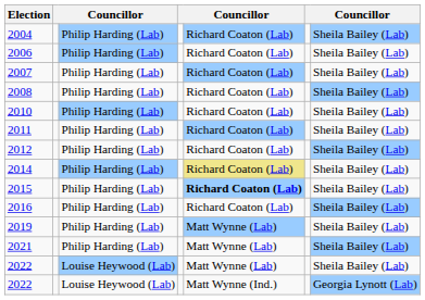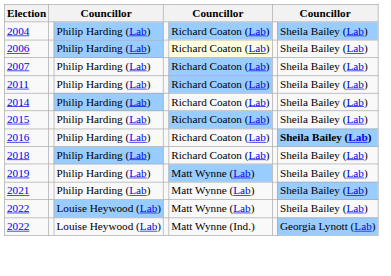 <table class="wikitable">
 <tr>
 <th>Election</th>
 <th colspan="2">Councillor</th>
 <th colspan="2">Councillor</th>
 <th colspan="2">Councillor</th>
 </tr>
 <tr>
 <td><a href='#'>2004</a></td>
 <td style="background-color: "></td>
 <td bgcolor="#99CCFF">Philip Harding (<a href='#'>Lab</a>)</td>
 <td style="background-color: "></td>
 <td bgcolor="#99CCFF">Richard Coaton (<a href='#'>Lab</a>)</td>
 <td style="background-color: "></td>
 <td bgcolor="#99CCFF">Sheila Bailey (<a href='#'>Lab</a>)</td>
 </tr>
 <tr>
 <td><a href='#'>2006</a></td>
 <td style="background-color: "></td>
 <td bgcolor="#99CCFF">Philip Harding (<a href='#'>Lab</a>)</td>
 <td style="background-color: "></td>
-<td>Richard Coaton (<a href='#'>Lab</a>)</td>
+<td style="background: lightyellow;">Richard Coaton (<a href='#'>Lab</a>)</td>
 <td style="background-color: "></td>
 <td>Sheila Bailey (<a href='#'>Lab</a>)</td>
 </tr>
 <tr>
 <td><a href='#'>2007</a></td>
 <td style="background-color: "></td>
 <td>Philip Harding (<a href='#'>Lab</a>)</td>
 <td style="background-color: "></td>
 <td bgcolor="#99CCFF">Richard Coaton (<a href='#'>Lab</a>)</td>
 <td style="background-color: "></td>
 <td>Sheila Bailey (<a href='#'>Lab</a>)</td>
 </tr>
 <tr>
-<td><a href='#'>2008</a></td>
-<td style="background-color: "></td>
-<td>Philip Harding (<a href='#'>Lab</a>)</td>
-<td style="background-color: "></td>
-<td>Richard Coaton (<a href='#'>Lab</a>)</td>
-<td style="background-color: "></td>
-<td bgcolor="#99CCFF">Sheila Bailey (<a href='#'>Lab</a>)</td>
-</tr>
-<tr>
-<td><a href='#'>2010</a></td>
-<td style="background-color: "></td>
-<td bgcolor="#99CCFF">Philip Harding (<a href='#'>Lab</a>)</td>
-<td style="background-color: "></td>
-<td>Richard Coaton (<a href='#'>Lab</a>)</td>
-<td style="background-color: "></td>
-<td>Sheila Bailey (<a href='#'>Lab</a>)</td>
-</tr>
-<tr>
 <td><a href='#'>2011</a></td>
 <td style="background-color: "></td>
 <td>Philip Harding (<a href='#'>Lab</a>)</td>
 <td style="background-color: "></td>
 <td bgcolor="#99CCFF">Richard Coaton (<a href='#'>Lab</a>)</td>
 <td style="background-color: "></td>
 <td>Sheila Bailey (<a href='#'>Lab</a>)</td>
 </tr>
 <tr>
-<td><a href='#'>2012</a></td>
-<td style="background-color: "></td>
-<td>Philip Harding (<a href='#'>Lab</a>)</td>
-<td style="background-color: "></td>
-<td>Richard Coaton (<a href='#'>Lab</a>)</td>
-<td style="background-color: "></td>
-<td bgcolor="#99CCFF">Sheila Bailey (<a href='#'>Lab</a>)</td>
-</tr>
-<tr>
 <td><a href='#'>2014</a></td>
 <td style="background-color: "></td>
 <td bgcolor="#99CCFF">Philip Harding (<a href='#'>Lab</a>)</td>
 <td style="background-color: "></td>
-<td style="background: khaki;">Richard Coaton (<a href='#'>Lab</a>)</td>
+<td>Richard Coaton (<a href='#'>Lab</a>)</td>
 <td style="background-color: "></td>
 <td>Sheila Bailey (<a href='#'>Lab</a>)</td>
 </tr>
 <tr>
 <td><a href='#'>2015</a></td>
 <td style="background-color: "></td>
 <td>Philip Harding (<a href='#'>Lab</a>)</td>
 <td style="background-color: "></td>
-<td bgcolor="#99CCFF"><strong>Richard Coaton (<a href='#'>Lab</a>)</strong></td>
+<td bgcolor="#99CCFF">Richard Coaton (<a href='#'>Lab</a>)</td>
 <td style="background-color: "></td>
 <td>Sheila Bailey (<a href='#'>Lab</a>)</td>
 </tr>
 <tr>
 <td><a href='#'>2016</a></td>
 <td style="background-color: "></td>
 <td>Philip Harding (<a href='#'>Lab</a>)</td>
 <td style="background-color: "></td>
 <td>Richard Coaton (<a href='#'>Lab</a>)</td>
 <td style="background-color: "></td>
-<td bgcolor="#99CCFF">Sheila Bailey (<a href='#'>Lab</a>)</td>
+<td bgcolor="#99CCFF"><strong>Sheila Bailey (<a href='#'>Lab</a>)</strong></td>
+</tr>
+<tr>
+<td><a href='#'>2018</a></td>
+<td style="background-color: "></td>
+<td bgcolor="#99CCFF">Philip Harding (<a href='#'>Lab</a>)</td>
+<td style="background-color: "></td>
+<td>Richard Coaton (<a href='#'>Lab</a>)</td>
+<td style="background-color: "></td>
+<td>Sheila Bailey (<a href='#'>Lab</a>)</td>
 </tr>
 <tr>
 <td><a href='#'>2019</a></td>
 <td style="background-color: "></td>
 <td>Philip Harding (<a href='#'>Lab</a>)</td>
 <td style="background-color: "></td>
 <td bgcolor="#99CCFF">Matt Wynne (<a href='#'>Lab</a>)</td>
 <td style="background-color: "></td>
 <td>Sheila Bailey (<a href='#'>Lab</a>)</td>
 </tr>
 <tr>
 <td><a href='#'>2021</a></td>
 <td style="background-color: "></td>
 <td>Philip Harding (<a href='#'>Lab</a>)</td>
 <td style="background-color: "></td>
 <td>Matt Wynne (<a href='#'>Lab</a>)</td>
 <td style="background-color: "></td>
 <td bgcolor="#99CCFF">Sheila Bailey (<a href='#'>Lab</a>)</td>
 </tr>
 <tr>
 <td><a href='#'>2022</a></td>
 <td style="background-color: "></td>
 <td bgcolor="#99CCFF">Louise Heywood (<a href='#'>Lab</a>)</td>
 <td style="background-color: "></td>
 <td>Matt Wynne (<a href='#'>Lab</a>)</td>
 <td style="background-color: "></td>
 <td>Sheila Bailey (<a href='#'>Lab</a>)</td>
 </tr>
 <tr>
 <td><a href='#'>2022</a></td>
 <td style="background-color: "></td>
 <td>Louise Heywood (<a href='#'>Lab</a>)</td>
 <td style="background-color: "></td>
 <td>Matt Wynne (Ind.)</td>
 <td style="background-color: "></td>
 <td bgcolor="#99CCFF">Georgia Lynott (<a href='#'>Lab</a>)</td>
 </tr>
 </table>
